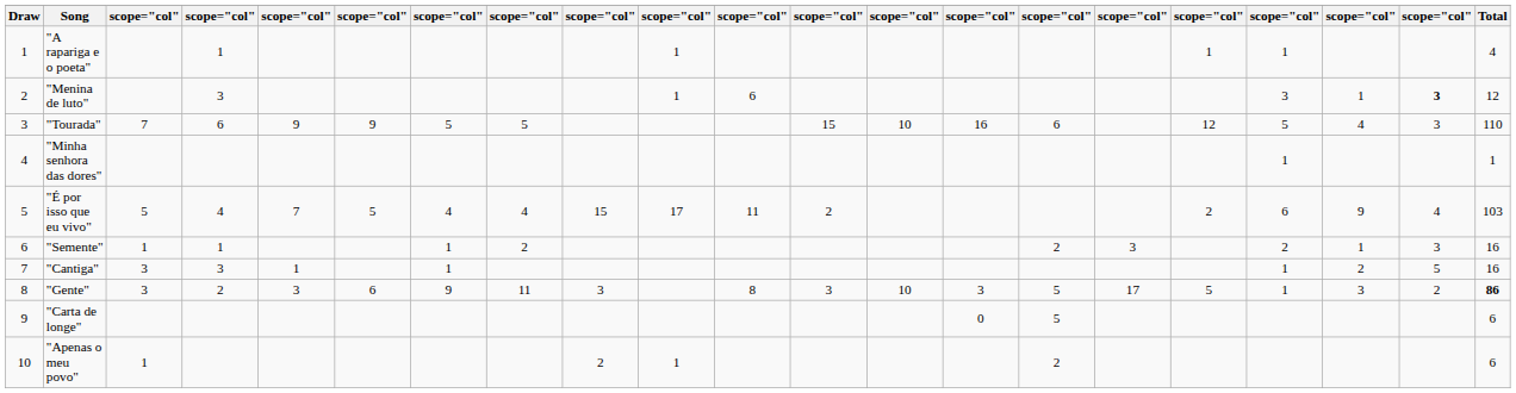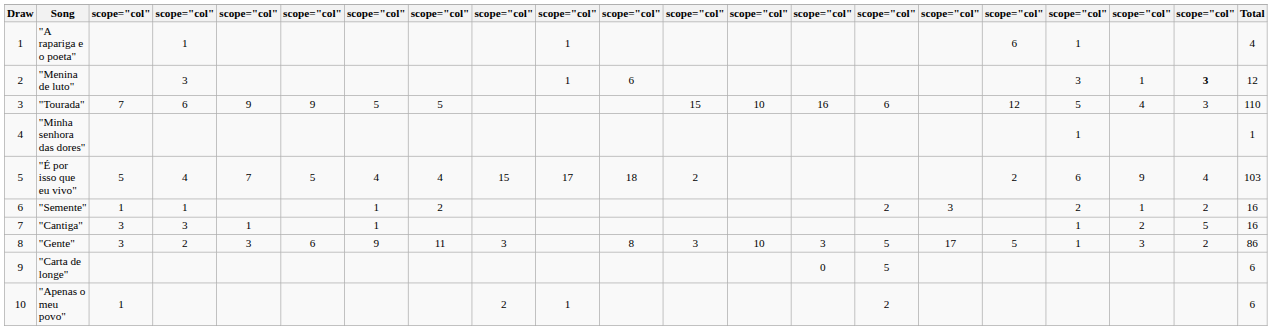 <table class="wikitable plainrowheaders" style="margin: 1em auto 1em auto; text-align:center;">
 <tr>
 </tr>
 <tr>
 <th scope="col">Draw</th>
 <th scope="col">Song</th>
 <th>scope="col" </th>
 <th>scope="col" </th>
 <th>scope="col" </th>
 <th>scope="col" </th>
 <th>scope="col" </th>
 <th>scope="col" </th>
 <th>scope="col" </th>
 <th>scope="col" </th>
 <th>scope="col" </th>
 <th>scope="col" </th>
 <th>scope="col" </th>
 <th>scope="col" </th>
 <th>scope="col" </th>
 <th>scope="col" </th>
 <th>scope="col" </th>
 <th>scope="col" </th>
 <th>scope="col" </th>
 <th>scope="col" </th>
 <th scope="col">Total</th>
 </tr>
 <tr>
 <td>1</td>
 <td align="left">"A rapariga e o poeta"</td>
 <td></td>
 <td>1</td>
 <td></td>
 <td></td>
 <td></td>
 <td></td>
 <td></td>
 <td>1</td>
 <td></td>
 <td></td>
 <td></td>
 <td></td>
 <td></td>
 <td></td>
-<td>1</td>
+<td>6</td>
 <td>1</td>
 <td></td>
 <td></td>
 <td>4</td>
 </tr>
 <tr>
 <td>2</td>
 <td align="left">"Menina de luto"</td>
 <td></td>
 <td>3</td>
 <td></td>
 <td></td>
 <td></td>
 <td></td>
 <td></td>
 <td>1</td>
 <td>6</td>
 <td></td>
 <td></td>
 <td></td>
 <td></td>
 <td></td>
 <td></td>
 <td>3</td>
 <td>1</td>
 <td><strong>3</strong></td>
 <td>12</td>
 </tr>
 <tr>
 <td>3</td>
 <td align="left">"Tourada"</td>
 <td>7</td>
 <td>6</td>
 <td>9</td>
 <td>9</td>
 <td>5</td>
 <td>5</td>
 <td></td>
 <td></td>
 <td></td>
 <td>15</td>
 <td>10</td>
 <td>16</td>
 <td>6</td>
 <td></td>
 <td>12</td>
 <td>5</td>
 <td>4</td>
 <td>3</td>
 <td>110</td>
 </tr>
 <tr>
 <td>4</td>
 <td align="left">"Minha senhora das dores"</td>
 <td></td>
 <td></td>
 <td></td>
 <td></td>
 <td></td>
 <td></td>
 <td></td>
 <td></td>
 <td></td>
 <td></td>
 <td></td>
 <td></td>
 <td></td>
 <td></td>
 <td></td>
 <td>1</td>
 <td></td>
 <td></td>
 <td>1</td>
 </tr>
 <tr>
 <td>5</td>
 <td align="left">"É por isso que eu vivo"</td>
 <td>5</td>
 <td>4</td>
 <td>7</td>
 <td>5</td>
 <td>4</td>
 <td>4</td>
 <td>15</td>
 <td>17</td>
-<td>11</td>
+<td>18</td>
 <td>2</td>
 <td></td>
 <td></td>
 <td></td>
 <td></td>
 <td>2</td>
 <td>6</td>
 <td>9</td>
 <td>4</td>
 <td>103</td>
 </tr>
 <tr>
 <td>6</td>
 <td align="left">"Semente"</td>
 <td>1</td>
 <td>1</td>
 <td></td>
 <td></td>
 <td>1</td>
 <td>2</td>
 <td></td>
 <td></td>
 <td></td>
 <td></td>
 <td></td>
 <td></td>
 <td>2</td>
 <td>3</td>
 <td></td>
 <td>2</td>
 <td>1</td>
-<td>3</td>
+<td>2</td>
 <td>16</td>
 </tr>
 <tr>
 <td>7</td>
 <td align="left">"Cantiga"</td>
 <td>3</td>
 <td>3</td>
 <td>1</td>
 <td></td>
 <td>1</td>
 <td></td>
 <td></td>
 <td></td>
 <td></td>
 <td></td>
 <td></td>
 <td></td>
 <td></td>
 <td></td>
 <td></td>
 <td>1</td>
 <td>2</td>
 <td>5</td>
 <td>16</td>
 </tr>
 <tr>
 <td>8</td>
 <td align="left">"Gente"</td>
 <td>3</td>
 <td>2</td>
 <td>3</td>
 <td>6</td>
 <td>9</td>
 <td>11</td>
 <td>3</td>
 <td></td>
 <td>8</td>
 <td>3</td>
 <td>10</td>
 <td>3</td>
 <td>5</td>
 <td>17</td>
 <td>5</td>
 <td>1</td>
 <td>3</td>
 <td>2</td>
-<td><strong>86</strong></td>
+<td>86</td>
 </tr>
 <tr>
 <td>9</td>
 <td align="left">"Carta de longe"</td>
 <td></td>
 <td></td>
 <td></td>
 <td></td>
 <td></td>
 <td></td>
 <td></td>
 <td></td>
 <td></td>
 <td></td>
 <td></td>
 <td>0</td>
 <td>5</td>
 <td></td>
 <td></td>
 <td></td>
 <td></td>
 <td></td>
 <td>6</td>
 </tr>
 <tr>
 <td>10</td>
 <td align="left">"Apenas o meu povo"</td>
 <td>1</td>
 <td></td>
 <td></td>
 <td></td>
 <td></td>
 <td></td>
 <td>2</td>
 <td>1</td>
 <td></td>
 <td></td>
 <td></td>
 <td></td>
 <td>2</td>
 <td></td>
 <td></td>
 <td></td>
 <td></td>
 <td></td>
 <td>6</td>
 </tr>
 </table>
